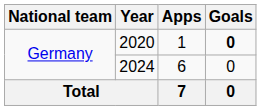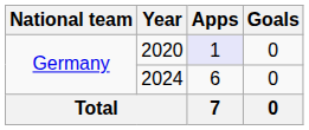 <table class="wikitable" style="text-align:center">
 <tr>
 <th>National team</th>
 <th>Year</th>
 <th>Apps</th>
 <th>Goals</th>
 </tr>
 <tr>
 <td rowspan="2"><a href='#'>Germany</a></td>
 <td>2020</td>
-<td>1</td>
-<td><strong>0</strong></td>
+<td style="background: lavender;">1</td>
+<td>0</td>
 </tr>
 <tr>
 <td>2024</td>
 <td>6</td>
 <td>0</td>
 </tr>
 <tr>
 <th colspan="2">Total</th>
 <th>7</th>
 <th>0</th>
 </tr>
 </table>
